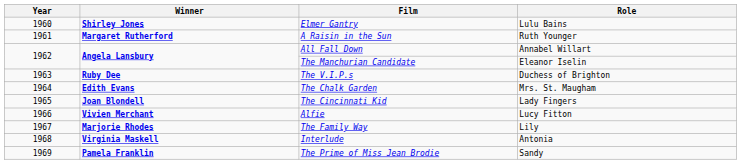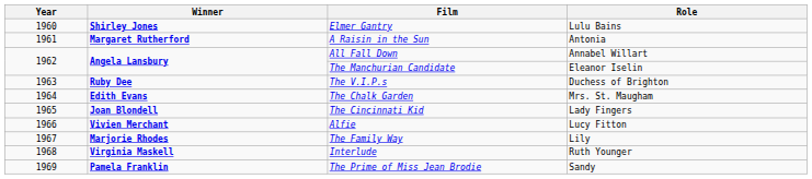 <table class="wikitable" width="95%" cellpadding="5">
 <tr>
 <th width="100"><strong>Year</strong></th>
 <th width="300"><strong>Winner</strong></th>
 <th width="300"><strong>Film</strong></th>
 <th width="300"><strong>Role</strong></th>
 </tr>
 <tr>
 <td style="text-align:center;">1960</td>
 <td><strong><a href='#'>Shirley Jones</a></strong></td>
 <td><em><a href='#'>Elmer Gantry</a></em></td>
 <td>Lulu Bains</td>
 </tr>
 <tr>
 <td style="text-align:center;">1961</td>
 <td><strong><a href='#'>Margaret Rutherford</a></strong></td>
 <td><em><a href='#'>A Raisin in the Sun</a></em></td>
-<td>Ruth Younger</td>
+<td>Antonia</td>
 </tr>
 <tr>
 <td rowspan="2" style="text-align:center;">1962</td>
 <td rowspan="2"><strong><a href='#'>Angela Lansbury</a></strong></td>
 <td><em><a href='#'>All Fall Down</a></em></td>
 <td>Annabel Willart</td>
 </tr>
 <tr>
 <td><em><a href='#'>The Manchurian Candidate</a></em></td>
 <td>Eleanor Iselin</td>
 </tr>
 <tr>
 <td style="text-align:center;">1963</td>
 <td><strong><a href='#'>Ruby Dee</a></strong></td>
 <td><em><a href='#'>The V.I.P.s</a></em></td>
 <td>Duchess of Brighton</td>
 </tr>
 <tr>
 <td style="text-align:center;">1964</td>
 <td><strong><a href='#'>Edith Evans</a></strong></td>
 <td><em><a href='#'>The Chalk Garden</a></em></td>
 <td>Mrs. St. Maugham</td>
 </tr>
 <tr>
 <td style="text-align:center;">1965</td>
 <td><strong><a href='#'>Joan Blondell</a></strong></td>
 <td><em><a href='#'>The Cincinnati Kid</a></em></td>
 <td>Lady Fingers</td>
 </tr>
 <tr>
 <td style="text-align:center;">1966</td>
 <td><strong><a href='#'>Vivien Merchant</a></strong></td>
 <td><em><a href='#'>Alfie</a></em></td>
 <td>Lucy Fitton</td>
 </tr>
 <tr>
 <td style="text-align:center;">1967</td>
 <td><strong><a href='#'>Marjorie Rhodes</a></strong></td>
 <td><em><a href='#'>The Family Way</a></em></td>
 <td>Lily</td>
 </tr>
 <tr>
 <td style="text-align:center;">1968</td>
 <td><strong><a href='#'>Virginia Maskell</a></strong></td>
 <td><em><a href='#'>Interlude</a></em></td>
-<td>Antonia</td>
+<td>Ruth Younger</td>
 </tr>
 <tr>
 <td style="text-align:center;">1969</td>
 <td><strong><a href='#'>Pamela Franklin</a></strong></td>
 <td><em><a href='#'>The Prime of Miss Jean Brodie</a></em></td>
 <td>Sandy</td>
 </tr>
 </table>
